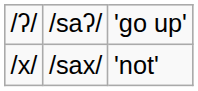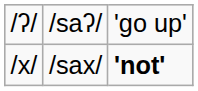 <table class="wikitable">
 <tr>
 <td>/ʔ/</td>
 <td>/saʔ/</td>
 <td>'go up'</td>
 </tr>
 <tr>
 <td>/x/</td>
 <td>/sax/</td>
-<td>'not'</td>
+<td><strong>'not'</strong></td>
 </tr>
 </table>
